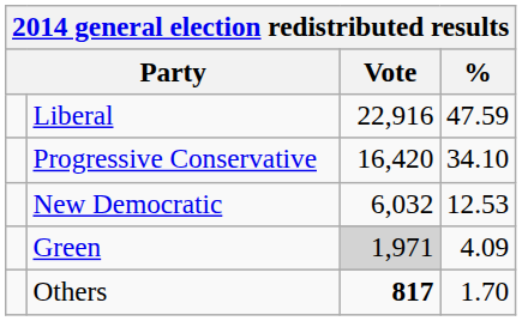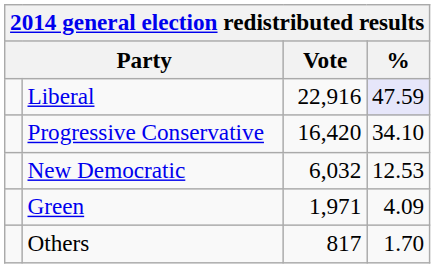 <table class="wikitable">
 <tr>
 <th colspan="4"><a href='#'>2014 general election</a> redistributed results</th>
 </tr>
 <tr>
 <th bgcolor="#DDDDFF" width="130px" colspan="2">Party</th>
 <th bgcolor="#DDDDFF" width="50px">Vote</th>
 <th bgcolor="#DDDDFF" width="30px">%</th>
 </tr>
 <tr>
 <td> </td>
 <td><a href='#'>Liberal</a></td>
 <td align=right>22,916</td>
-<td align=right>47.59</td>
+<td align=right style="background: lavender;">47.59</td>
 </tr>
 <tr>
 <td> </td>
 <td><a href='#'>Progressive Conservative</a></td>
 <td align=right>16,420</td>
 <td align=right>34.10</td>
 </tr>
 <tr>
 <td> </td>
 <td><a href='#'>New Democratic</a></td>
 <td align=right>6,032</td>
 <td align=right>12.53</td>
 </tr>
 <tr>
 <td> </td>
 <td><a href='#'>Green</a></td>
-<td align=right style="background: lightgrey;">1,971</td>
+<td align=right>1,971</td>
 <td align=right>4.09</td>
 </tr>
 <tr>
 <td> </td>
 <td>Others</td>
-<td align=right><strong>817</strong></td>
+<td align=right>817</td>
 <td align=right>1.70</td>
 </tr>
 </table>
